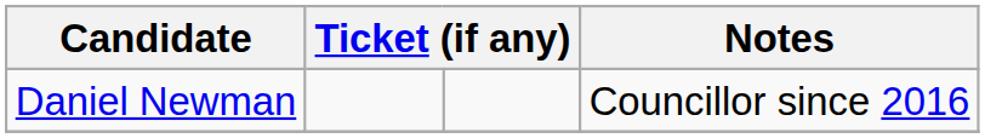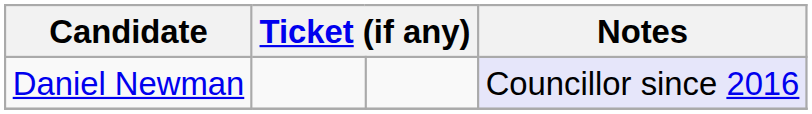 <table class="wikitable" style="font-size: 95%">
 <tr>
 <th>Candidate</th>
 <th colspan="2"><a href='#'>Ticket</a> (if any)</th>
 <th>Notes</th>
 </tr>
 <tr>
 <td><a href='#'>Daniel Newman</a></td>
 <td></td>
 <td></td>
-<td>Councillor since <a href='#'>2016</a></td>
+<td style="background: lavender;">Councillor since <a href='#'>2016</a></td>
 </tr>
 <tr>
 </tr>
 </table>
